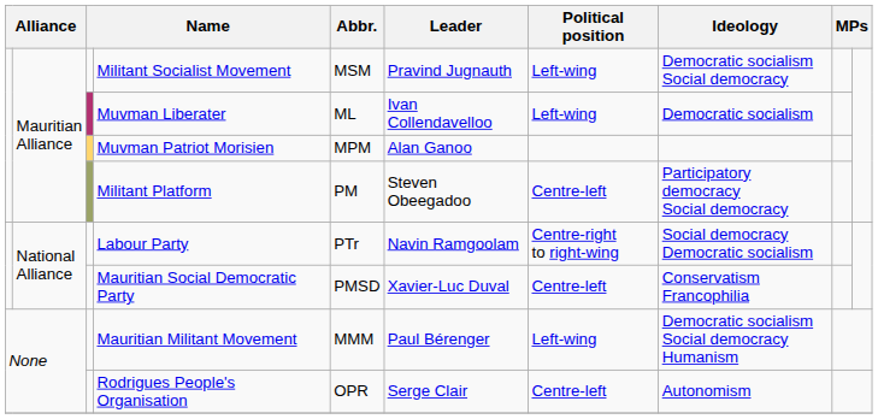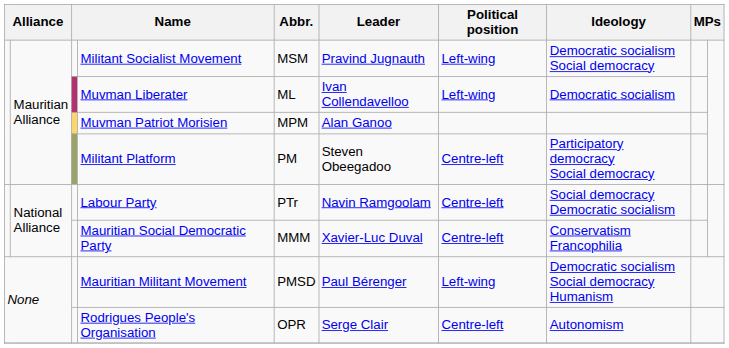 <table class="wikitable">
 <tr>
 <th colspan=2>Alliance</th>
 <th colspan=2>Name</th>
 <th>Abbr.</th>
 <th>Leader</th>
 <th>Political position</th>
 <th>Ideology</th>
 <th colspan=2>MPs</th>
 </tr>
 <tr>
 <td rowspan=4 bgcolor=></td>
 <td rowspan=4>Mauritian<br>Alliance</td>
 <td style="background: "></td>
 <td><a href='#'>Militant Socialist Movement</a><br><small></small></td>
 <td>MSM</td>
 <td><a href='#'>Pravind Jugnauth</a></td>
 <td><a href='#'>Left-wing</a></td>
 <td><a href='#'>Democratic socialism</a><br><a href='#'>Social democracy</a></td>
 <td></td>
 <td rowspan=4></td>
 </tr>
 <tr>
 <td style="background: #B23070;"></td>
 <td><a href='#'>Muvman Liberater</a></td>
 <td>ML</td>
 <td><a href='#'>Ivan Collendavelloo</a></td>
 <td><a href='#'>Left-wing</a></td>
 <td><a href='#'>Democratic socialism</a></td>
 <td></td>
 </tr>
 <tr>
 <td style="background: #FFD66D;"></td>
 <td><a href='#'>Muvman Patriot Morisien</a></td>
 <td>MPM</td>
 <td><a href='#'>Alan Ganoo</a></td>
 <td></td>
 <td></td>
 <td></td>
 </tr>
 <tr>
 <td style="background: #9BA367;"></td>
 <td><a href='#'>Militant Platform</a><br><small></small></td>
 <td>PM</td>
 <td>Steven Obeegadoo</td>
 <td><a href='#'>Centre-left</a></td>
 <td><a href='#'>Participatory democracy</a><br><a href='#'>Social democracy</a></td>
 <td></td>
 </tr>
 <tr>
 <td rowspan=2 style="background: "></td>
 <td rowspan=2>National<br>Alliance</td>
 <td style="background: "></td>
 <td><a href='#'>Labour Party</a><br><small></small></td>
 <td>PTr</td>
 <td><a href='#'>Navin Ramgoolam</a></td>
-<td><a href='#'>Centre-right</a><br>to <a href='#'>right-wing</a></td>
+<td><a href='#'>Centre-left</a></td>
 <td><a href='#'>Social democracy</a><br><a href='#'>Democratic socialism</a></td>
 <td></td>
 <td rowspan=2></td>
 </tr>
 <tr>
 <td style="background: "></td>
 <td><a href='#'>Mauritian Social Democratic Party</a><br><small></small></td>
-<td>PMSD</td>
+<td>MMM</td>
 <td><a href='#'>Xavier-Luc Duval</a></td>
 <td><a href='#'>Centre-left</a></td>
 <td><a href='#'>Conservatism</a><br><a href='#'>Francophilia</a></td>
 <td></td>
 </tr>
 <tr>
 <td colspan=2 rowspan=2><em>None</em></td>
 <td style="background: "></td>
 <td><a href='#'>Mauritian Militant Movement</a><br><small></small></td>
-<td>MMM</td>
+<td>PMSD</td>
 <td><a href='#'>Paul Bérenger</a></td>
 <td><a href='#'>Left-wing</a></td>
 <td><a href='#'>Democratic socialism</a><br><a href='#'>Social democracy</a><br><a href='#'>Humanism</a></td>
 <td colspan=2></td>
 </tr>
 <tr>
 <td style="background: "></td>
 <td><a href='#'>Rodrigues People's Organisation</a><br><small></small></td>
 <td>OPR</td>
 <td><a href='#'>Serge Clair</a></td>
 <td><a href='#'>Centre-left</a></td>
 <td><a href='#'>Autonomism</a></td>
 <td colspan=2></td>
 </tr>
 <tr>
 </tr>
 </table>
